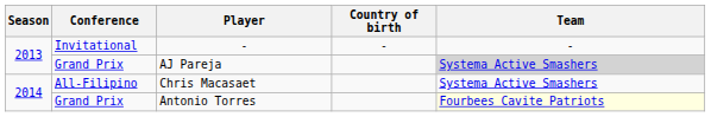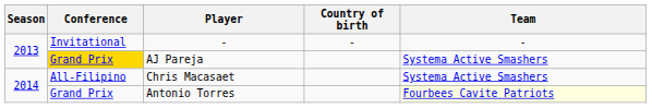 <table class="wikitable plainrowheaders sortable" width="90%" summary="Season (sortable), Player (sortable), Position (sortable), Nationality (sortable) and Team (sortable)">
 <tr>
 <th scope="col" width="5%">Season</th>
 <th scope="col" width="15%">Conference</th>
 <th scope="col" width="25%">Player</th>
 <th scope="col" width="15%">Country of birth</th>
 <th scope="col">Team</th>
 </tr>
 <tr>
 <td rowspan="2" align=center><a href='#'>2013</a></td>
 <td><a href='#'>Invitational</a></td>
 <td align=center>-</td>
 <td align=center>-</td>
 <td align=center>-</td>
 </tr>
 <tr>
-<td><a href='#'>Grand Prix</a></td>
+<td style="background: gold;"><a href='#'>Grand Prix</a></td>
 <td>AJ Pareja</td>
 <td></td>
-<td style="background: lightgrey;"><a href='#'>Systema Active Smashers</a></td>
+<td><a href='#'>Systema Active Smashers</a></td>
 </tr>
 <tr>
 <td rowspan="2" align=center><a href='#'>2014</a></td>
 <td><a href='#'>All-Filipino</a></td>
 <td>Chris Macasaet</td>
 <td></td>
 <td><a href='#'>Systema Active Smashers</a></td>
 </tr>
 <tr>
 <td><a href='#'>Grand Prix</a></td>
 <td>Antonio Torres</td>
 <td></td>
 <td style="background: lightyellow;"><a href='#'>Fourbees Cavite Patriots</a></td>
 </tr>
 </table>
